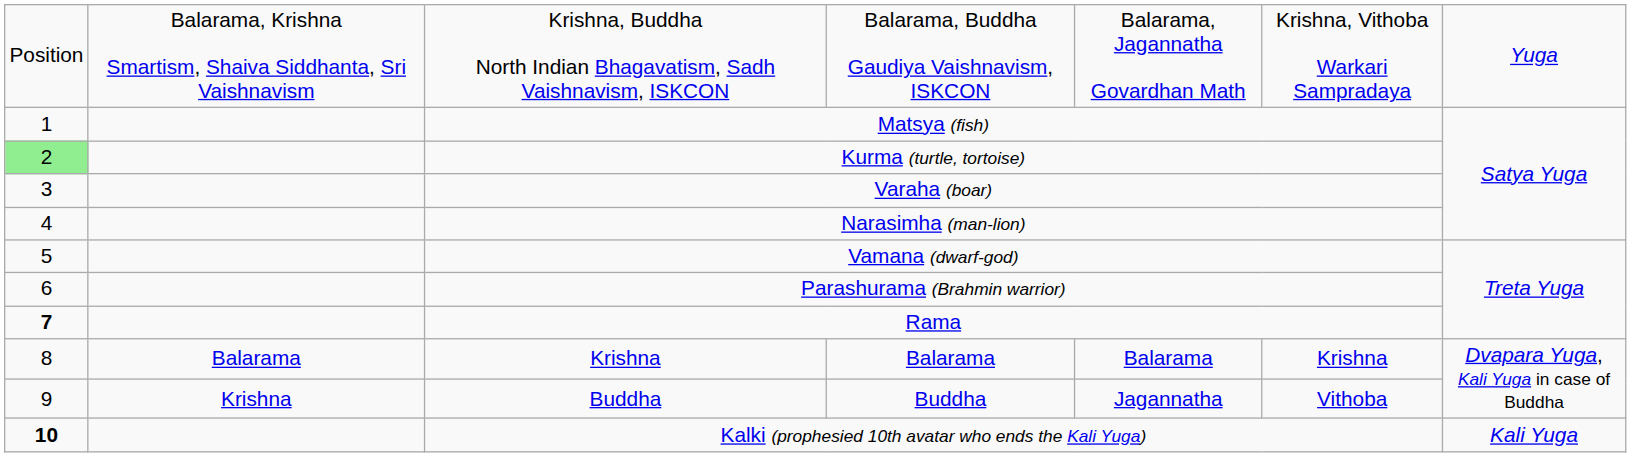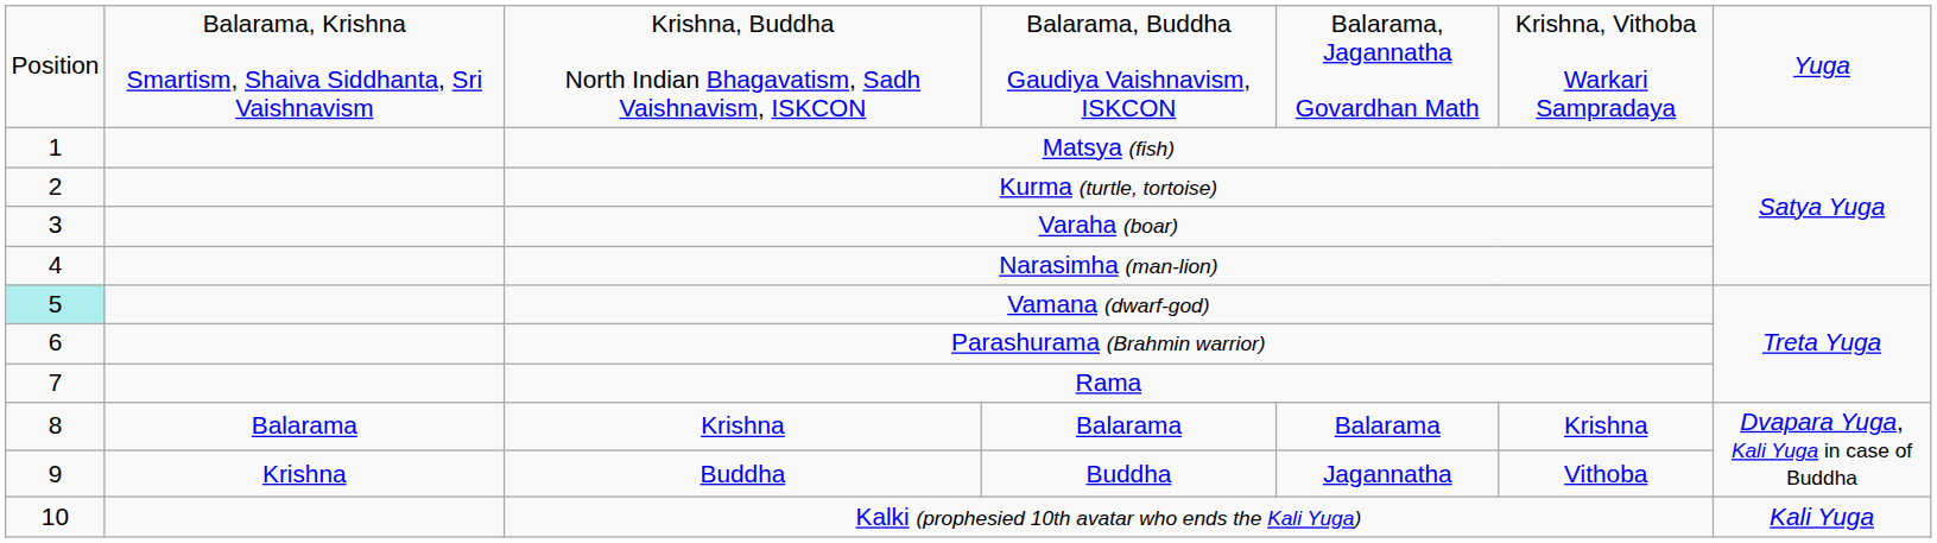 <table class="wikitable sortable" style="text-align:center;">
 <tr>
 <td>Position</td>
 <td>Balarama, Krishna<br><br><a href='#'>Smartism</a>, <a href='#'>Shaiva Siddhanta</a>, <a href='#'>Sri Vaishnavism</a></td>
 <td>Krishna, Buddha<br><br>North Indian <a href='#'>Bhagavatism</a>, <a href='#'>Sadh Vaishnavism</a>, <a href='#'>ISKCON</a></td>
 <td>Balarama, Buddha<br><br><a href='#'>Gaudiya Vaishnavism</a>, <a href='#'>ISKCON</a></td>
 <td>Balarama, <a href='#'>Jagannatha</a><br><br><a href='#'>Govardhan Math</a></td>
 <td>Krishna, Vithoba<br><br><a href='#'>Warkari Sampradaya</a></td>
 <td><em><a href='#'>Yuga</a></em></td>
 </tr>
 <tr>
 <td>1</td>
 <td></td>
 <td colspan="4"><a href='#'>Matsya</a> <small><em>(fish)</em></small></td>
 <td rowspan="4"><em><a href='#'>Satya Yuga</a></em></td>
 </tr>
 <tr>
-<td style="background: lightgreen;">2</td>
+<td>2</td>
 <td></td>
 <td colspan="4"><a href='#'>Kurma</a> <small><em>(turtle, tortoise)</em></small></td>
 </tr>
 <tr>
 <td>3</td>
 <td></td>
 <td colspan="4"><a href='#'>Varaha</a> <small><em>(boar)</em></small></td>
 </tr>
 <tr>
 <td>4</td>
 <td></td>
 <td colspan="4"><a href='#'>Narasimha</a> <small><em>(man-lion)</em></small></td>
 </tr>
 <tr>
-<td>5</td>
+<td style="background: paleturquoise;">5</td>
 <td></td>
 <td colspan="4"><a href='#'>Vamana</a> <small><em>(dwarf-god)</em></small></td>
 <td rowspan="3"><em><a href='#'>Treta Yuga</a></em></td>
 </tr>
 <tr>
 <td>6</td>
 <td></td>
 <td colspan="4"><a href='#'>Parashurama</a> <small><em>(Brahmin warrior)</em></small></td>
 </tr>
 <tr>
-<td><strong>7</strong></td>
+<td>7</td>
 <td></td>
 <td colspan="4"><a href='#'>Rama</a></td>
 </tr>
 <tr>
 <td>8</td>
 <td><a href='#'>Balarama</a></td>
 <td><a href='#'>Krishna</a></td>
 <td><a href='#'>Balarama</a></td>
 <td><a href='#'>Balarama</a></td>
 <td><a href='#'>Krishna</a></td>
 <td rowspan=2><em><a href='#'>Dvapara Yuga</a></em>,<br><small><em><a href='#'>Kali Yuga</a></em> in case of Buddha</small></td>
 </tr>
 <tr>
 <td>9</td>
 <td><a href='#'>Krishna</a></td>
 <td><a href='#'>Buddha</a></td>
 <td><a href='#'>Buddha</a></td>
 <td><a href='#'>Jagannatha</a></td>
 <td><a href='#'>Vithoba</a></td>
 </tr>
 <tr>
-<td><strong>10</strong></td>
+<td>10</td>
 <td></td>
 <td colspan="4"><a href='#'>Kalki</a> <small><em>(prophesied 10th avatar who ends the <a href='#'>Kali Yuga</a>)</em></small></td>
 <td><em><a href='#'>Kali Yuga</a></em></td>
 </tr>
 </table>
